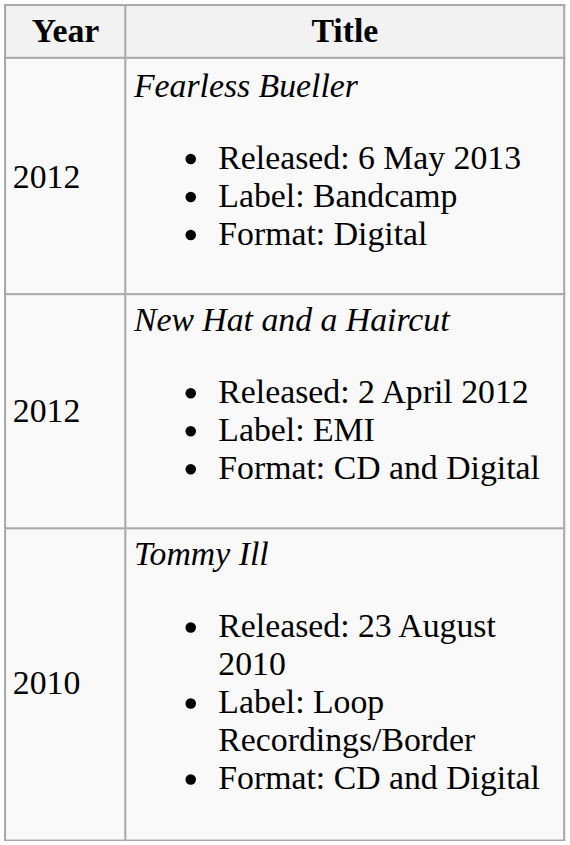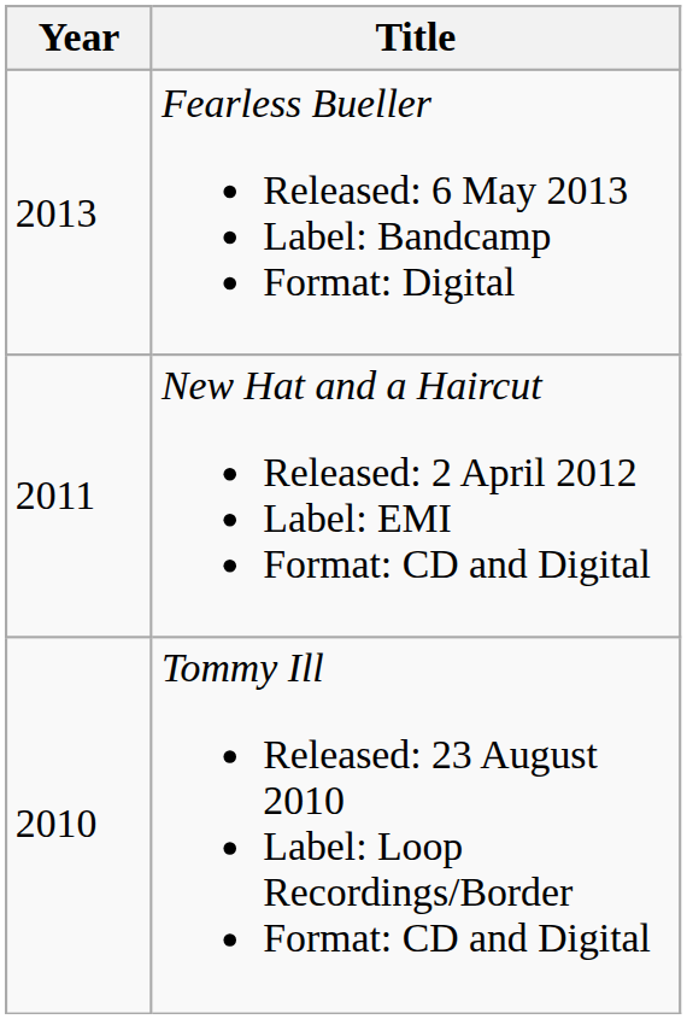 <table class="wikitable" border="1">
 <tr>
 <th width="50">Year</th>
 <th width="200">Title</th>
 </tr>
 <tr>
-<td>2012</td>
+<td>2013</td>
 <td><em>Fearless Bueller</em><br><ul><li>Released: 6 May 2013</li><li>Label: Bandcamp</li><li>Format: Digital</li></ul></td>
 </tr>
 <tr>
-<td>2012</td>
+<td>2011</td>
 <td><em>New Hat and a Haircut</em><br><ul><li>Released: 2 April 2012</li><li>Label: EMI</li><li>Format: CD and Digital</li></ul></td>
 </tr>
 <tr>
 <td>2010</td>
 <td><em>Tommy Ill</em><br><ul><li>Released: 23 August 2010</li><li>Label: Loop Recordings/Border</li><li>Format: CD and Digital</li></ul></td>
 </tr>
 </table>
